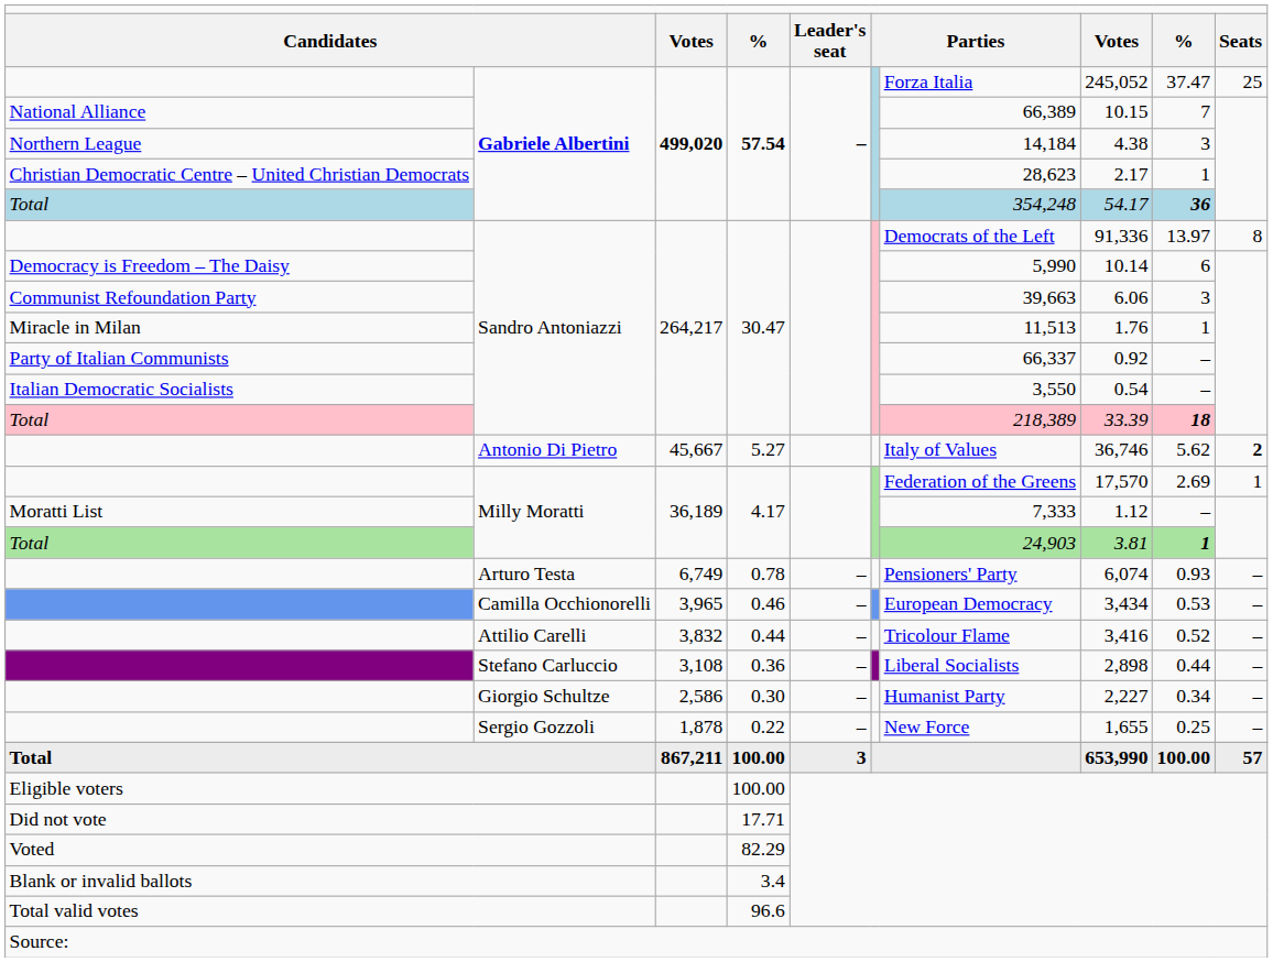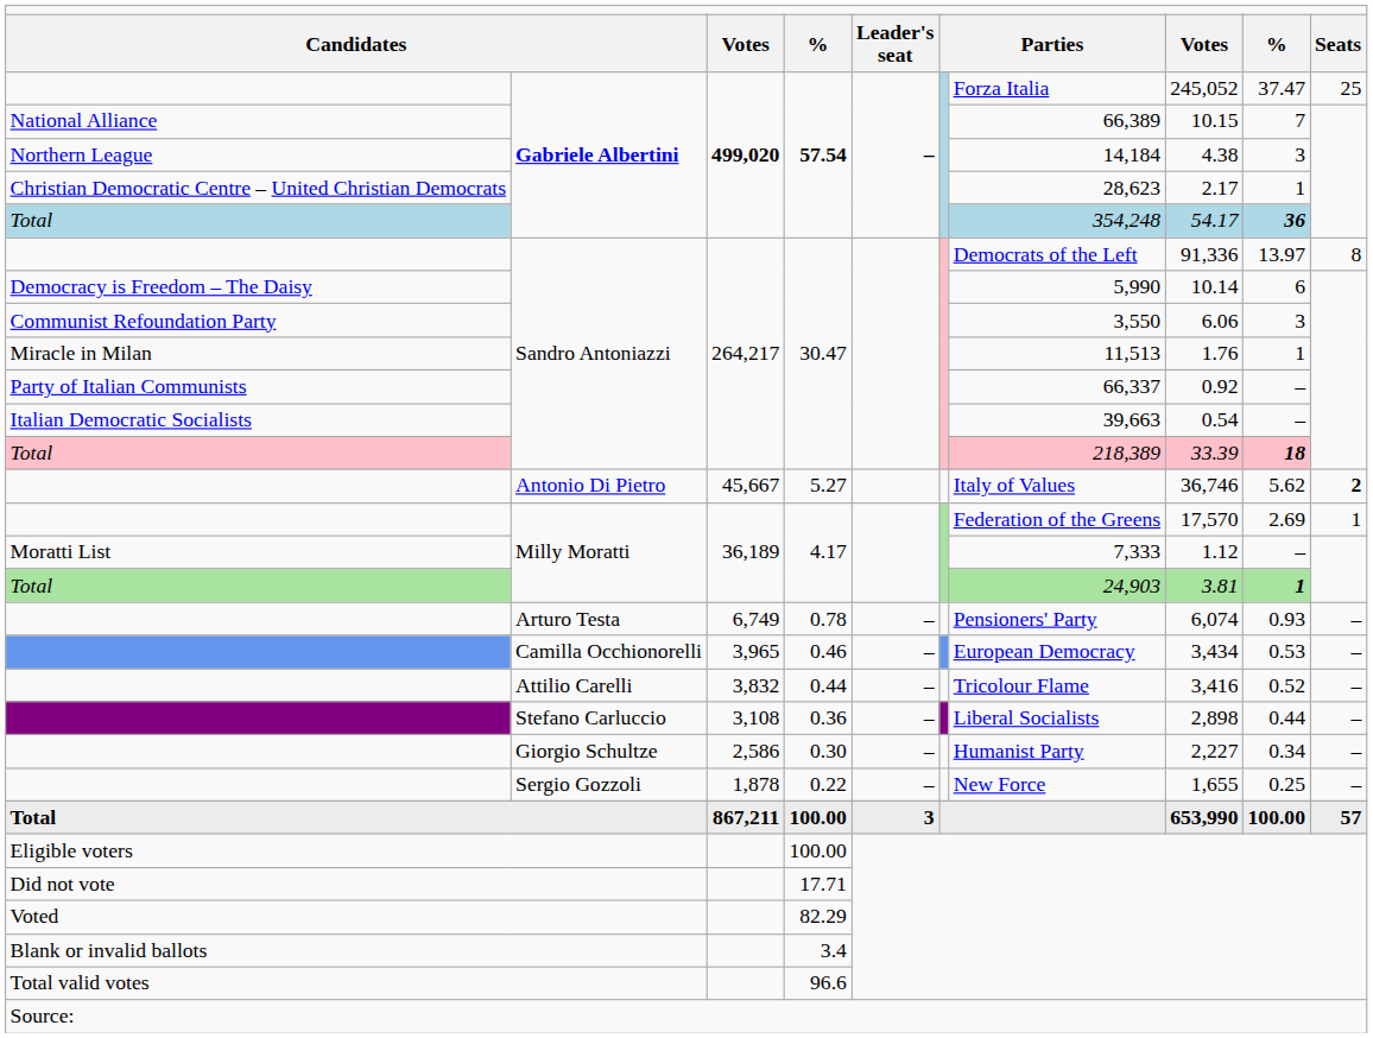 <table class="wikitable" style="text-align:left">
 <tr>
 <td colspan="12"></td>
 </tr>
 <tr>
 <th colspan=2>Candidates</th>
 <th>Votes</th>
 <th>%</th>
 <th>Leader's<br>seat</th>
 <th colspan=2>Parties</th>
 <th>Votes</th>
 <th>%</th>
 <th>Seats</th>
 </tr>
 <tr>
 <td></td>
 <td rowspan=5><strong><a href='#'>Gabriele Albertini</a></strong></td>
 <td rowspan=5 align=right><strong>499,020</strong></td>
 <td rowspan=5 align=right><strong>57.54</strong></td>
 <td rowspan=5 align=right><strong>–</strong></td>
 <td rowspan=5 bgcolor="lightblue"></td>
 <td><a href='#'>Forza Italia</a></td>
 <td align=right>245,052</td>
 <td align=right>37.47</td>
 <td align=right>25</td>
 </tr>
 <tr>
 <td><a href='#'>National Alliance</a></td>
 <td align=right>66,389</td>
 <td align=right>10.15</td>
 <td align=right>7</td>
 </tr>
 <tr>
 <td><a href='#'>Northern League</a></td>
 <td align=right>14,184</td>
 <td align=right>4.38</td>
 <td align=right>3</td>
 </tr>
 <tr>
 <td><a href='#'>Christian Democratic Centre</a> – <a href='#'>United Christian Democrats</a></td>
 <td align=right>28,623</td>
 <td align=right>2.17</td>
 <td align=right>1</td>
 </tr>
 <tr>
 <td bgcolor="lightblue"><em>Total</em></td>
 <td bgcolor="lightblue" align=right><em>354,248</em></td>
 <td bgcolor="lightblue" align=right><em>54.17</em></td>
 <td bgcolor="lightblue" align=right><strong><em>36</em></strong></td>
 </tr>
 <tr>
 <td></td>
 <td rowspan=7>Sandro Antoniazzi</td>
 <td rowspan=7 align=right>264,217</td>
 <td rowspan=7 align=right>30.47</td>
 <td rowspan=7 align=right></td>
 <td rowspan=7 bgcolor="pink"></td>
 <td><a href='#'>Democrats of the Left</a></td>
 <td align=right>91,336</td>
 <td align=right>13.97</td>
 <td align=right>8</td>
 </tr>
 <tr>
 <td><a href='#'>Democracy is Freedom – The Daisy</a></td>
 <td align=right>5,990</td>
 <td align=right>10.14</td>
 <td align=right>6</td>
 </tr>
 <tr>
 <td><a href='#'>Communist Refoundation Party</a></td>
-<td align=right>39,663</td>
+<td align=right>3,550</td>
 <td align=right>6.06</td>
 <td align=right>3</td>
 </tr>
 <tr>
 <td>Miracle in Milan</td>
 <td align=right>11,513</td>
 <td align=right>1.76</td>
 <td align=right>1</td>
 </tr>
 <tr>
 <td><a href='#'>Party of Italian Communists</a></td>
 <td align=right>66,337</td>
 <td align=right>0.92</td>
 <td align=right>–</td>
 </tr>
 <tr>
 <td><a href='#'>Italian Democratic Socialists</a></td>
-<td align=right>3,550</td>
+<td align=right>39,663</td>
 <td align=right>0.54</td>
 <td align=right>–</td>
 </tr>
 <tr>
 <td bgcolor="pink"><em>Total</em></td>
 <td bgcolor="pink" align=right><em>218,389</em></td>
 <td bgcolor="pink" align=right><em>33.39</em></td>
 <td bgcolor="pink" align=right><strong><em>18</em></strong></td>
 </tr>
 <tr>
 <td></td>
 <td><a href='#'>Antonio Di Pietro</a></td>
 <td align=right>45,667</td>
 <td align=right>5.27</td>
 <td align=right></td>
 <td></td>
 <td><a href='#'>Italy of Values</a></td>
 <td align=right>36,746</td>
 <td align=right>5.62</td>
 <td align=right><strong>2</strong></td>
 </tr>
 <tr>
 <td></td>
 <td rowspan=3>Milly Moratti</td>
 <td rowspan=3 align=right>36,189</td>
 <td rowspan=3 align=right>4.17</td>
 <td rowspan=3 align=right></td>
 <td rowspan=3 bgcolor="#A8E4A0"></td>
 <td><a href='#'>Federation of the Greens</a></td>
 <td align=right>17,570</td>
 <td align=right>2.69</td>
 <td align=right>1</td>
 </tr>
 <tr>
 <td>Moratti List</td>
 <td align=right>7,333</td>
 <td align=right>1.12</td>
 <td align=right>–</td>
 </tr>
 <tr>
 <td bgcolor="#A8E4A0"><em>Total</em></td>
 <td bgcolor="#A8E4A0" align=right><em>24,903</em></td>
 <td bgcolor="#A8E4A0" align=right><em>3.81</em></td>
 <td bgcolor="#A8E4A0" align=right><strong><em>1</em></strong></td>
 </tr>
 <tr>
 <td></td>
 <td>Arturo Testa</td>
 <td align=right>6,749</td>
 <td align=right>0.78</td>
 <td align=right>–</td>
 <td></td>
 <td><a href='#'>Pensioners' Party</a></td>
 <td align=right>6,074</td>
 <td align=right>0.93</td>
 <td align=right>–</td>
 </tr>
 <tr>
 <td bgcolor=" #6495ed"></td>
 <td>Camilla Occhionorelli</td>
 <td align=right>3,965</td>
 <td align=right>0.46</td>
 <td align=right>–</td>
 <td bgcolor=" #6495ed"></td>
 <td><a href='#'>European Democracy</a></td>
 <td align=right>3,434</td>
 <td align=right>0.53</td>
 <td align=right>–</td>
 </tr>
 <tr>
 <td></td>
 <td>Attilio Carelli</td>
 <td align=right>3,832</td>
 <td align=right>0.44</td>
 <td align=right>–</td>
 <td></td>
 <td><a href='#'>Tricolour Flame</a></td>
 <td align=right>3,416</td>
 <td align=right>0.52</td>
 <td align=right>–</td>
 </tr>
 <tr>
 <td bgcolor="purple"></td>
 <td>Stefano Carluccio</td>
 <td align=right>3,108</td>
 <td align=right>0.36</td>
 <td align=right>–</td>
 <td bgcolor="purple"></td>
 <td><a href='#'>Liberal Socialists</a></td>
 <td align=right>2,898</td>
 <td align=right>0.44</td>
 <td align=right>–</td>
 </tr>
 <tr>
 <td></td>
 <td>Giorgio Schultze</td>
 <td align=right>2,586</td>
 <td align=right>0.30</td>
 <td align=right>–</td>
 <td></td>
 <td><a href='#'>Humanist Party</a></td>
 <td align=right>2,227</td>
 <td align=right>0.34</td>
 <td align=right>–</td>
 </tr>
 <tr>
 <td></td>
 <td>Sergio Gozzoli</td>
 <td align=right>1,878</td>
 <td align=right>0.22</td>
 <td align=right>–</td>
 <td></td>
 <td><a href='#'>New Force</a></td>
 <td align=right>1,655</td>
 <td align=right>0.25</td>
 <td align=right>–</td>
 </tr>
 <tr>
 </tr>
 <tr bgcolor=ececec>
 <td colspan="2"><strong>Total</strong></td>
 <td align=right><strong>867,211</strong></td>
 <td align=right><strong>100.00</strong></td>
 <td align=right><strong>3</strong></td>
 <td align=right colspan=2></td>
 <td align=right><strong>653,990</strong></td>
 <td align=right><strong>100.00</strong></td>
 <td align=right><strong>57</strong></td>
 </tr>
 <tr>
 <td colspan=2>Eligible voters</td>
 <td style="text-align: right"></td>
 <td style="text-align: right">100.00</td>
 <td rowspan=5 colspan=6></td>
 </tr>
 <tr>
 <td colspan=2>Did not vote</td>
 <td style="text-align: right"></td>
 <td style="text-align: right">17.71</td>
 </tr>
 <tr>
 <td colspan=2>Voted</td>
 <td style="text-align: right"></td>
 <td style="text-align: right">82.29</td>
 </tr>
 <tr>
 <td colspan=2>Blank or invalid ballots</td>
 <td style="text-align: right"></td>
 <td style="text-align: right">3.4</td>
 </tr>
 <tr>
 <td colspan=2>Total valid votes</td>
 <td style="text-align: right"></td>
 <td style="text-align: right">96.6</td>
 </tr>
 <tr>
 <td style="text-align:left;" colspan="10">Source: </td>
 </tr>
 </table>
